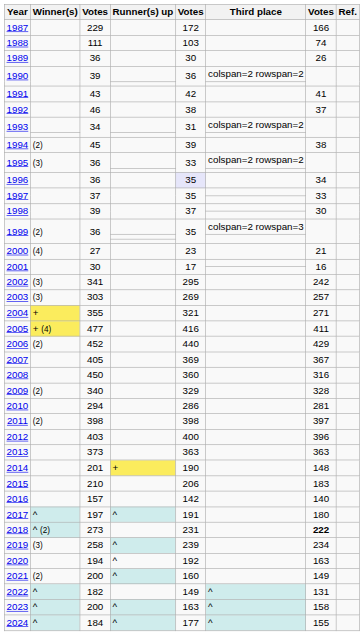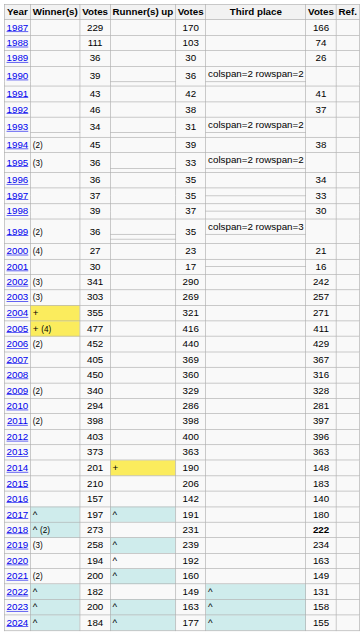 <table class="wikitable sortable" style="text-align:center;">
 <tr>
 <th>Year</th>
 <th>Winner(s)</th>
 <th>Votes</th>
 <th>Runner(s) up</th>
 <th>Votes</th>
 <th>Third place</th>
 <th>Votes</th>
 <th class=unsortable>Ref.</th>
 </tr>
 <tr>
 <td><a href='#'>1987</a></td>
 <td align=left></td>
 <td>229</td>
 <td align=left></td>
-<td>172</td>
+<td>170</td>
 <td align=left></td>
 <td>166</td>
 <td></td>
 </tr>
 <tr>
 <td><a href='#'>1988</a></td>
 <td align=left></td>
 <td>111</td>
 <td align=left></td>
 <td>103</td>
 <td align=left></td>
 <td>74</td>
 <td></td>
 </tr>
 <tr>
 <td><a href='#'>1989</a></td>
 <td align=left></td>
 <td>36</td>
 <td align=left></td>
 <td>30</td>
 <td align=left></td>
 <td>26</td>
 <td></td>
 </tr>
 <tr>
 <td rowspan=2><a href='#'>1990</a></td>
 <td rowspan=2 align=left></td>
 <td rowspan=2>39</td>
 <td align=left></td>
 <td rowspan=2>36</td>
 <td>colspan=2 rowspan=2 </td>
 <td rowspan=2></td>
 </tr>
 <tr>
 <td align=left></td>
 </tr>
 <tr>
 <td><a href='#'>1991</a></td>
 <td align=left></td>
 <td>43</td>
 <td align=left></td>
 <td>42</td>
 <td align=left></td>
 <td>41</td>
 <td></td>
 </tr>
 <tr>
 <td><a href='#'>1992</a></td>
 <td align=left></td>
 <td>46</td>
 <td align=left></td>
 <td>38</td>
 <td align=left></td>
 <td>37</td>
 <td></td>
 </tr>
 <tr>
 <td rowspan=2><a href='#'>1993</a></td>
 <td align=left></td>
 <td rowspan=2>34</td>
 <td align=left></td>
 <td rowspan=2>31</td>
 <td>colspan=2 rowspan=2 </td>
 <td rowspan=2></td>
 </tr>
 <tr>
 <td align=left></td>
 <td align=left></td>
 </tr>
 <tr>
 <td><a href='#'>1994</a></td>
 <td align=left> <small>(2)</small></td>
 <td>45</td>
 <td align=left></td>
 <td>39</td>
 <td align=left></td>
 <td>38</td>
 <td></td>
 </tr>
 <tr>
 <td rowspan=2><a href='#'>1995</a></td>
 <td rowspan=2 align=left> <small>(3)</small></td>
 <td rowspan=2>36</td>
 <td align=left></td>
 <td rowspan=2>33</td>
 <td>colspan=2 rowspan=2 </td>
 <td rowspan=2></td>
 </tr>
 <tr>
 <td align=left></td>
 </tr>
 <tr>
 <td><a href='#'>1996</a></td>
 <td align=left></td>
 <td>36</td>
 <td align=left></td>
-<td style="background: lavender;">35</td>
+<td>35</td>
 <td align=left></td>
 <td>34</td>
 <td></td>
 </tr>
 <tr>
 <td rowspan=2><a href='#'>1997</a></td>
 <td rowspan=2 align=left></td>
 <td rowspan=2>37</td>
 <td rowspan=2 align=left></td>
 <td rowspan=2>35</td>
 <td align=left></td>
 <td rowspan=2>33</td>
 <td rowspan=2></td>
 </tr>
 <tr>
 <td align=left></td>
 </tr>
 <tr>
 <td rowspan=2><a href='#'>1998</a></td>
 <td rowspan=2 align=left></td>
 <td rowspan=2>39</td>
 <td rowspan=2 align=left></td>
 <td rowspan=2>37</td>
 <td align=left></td>
 <td rowspan=2>30</td>
 <td rowspan=2></td>
 </tr>
 <tr>
 <td align=left></td>
 </tr>
 <tr>
 <td rowspan=3><a href='#'>1999</a></td>
 <td rowspan=3 align=left> <small>(2)</small></td>
 <td rowspan=3>36</td>
 <td align=left></td>
 <td rowspan=3>35</td>
 <td>colspan=2 rowspan=3 </td>
 <td rowspan=3></td>
 </tr>
 <tr>
 <td align=left></td>
 </tr>
 <tr>
 <td align=left></td>
 </tr>
 <tr>
 <td><a href='#'>2000</a></td>
 <td align=left> <small>(4)</small></td>
 <td>27</td>
 <td align=left></td>
 <td>23</td>
 <td align=left></td>
 <td>21</td>
 <td></td>
 </tr>
 <tr>
 <td rowspan=2><a href='#'>2001</a></td>
 <td rowspan=2 align=left></td>
 <td rowspan=2>30</td>
 <td rowspan=2 align=left></td>
 <td rowspan=2>17</td>
 <td align=left></td>
 <td rowspan=2>16</td>
 <td rowspan=2></td>
 </tr>
 <tr>
 <td align=left></td>
 </tr>
 <tr>
 <td><a href='#'>2002</a></td>
 <td align=left> <small>(3)</small></td>
 <td>341</td>
 <td align=left></td>
-<td>295</td>
+<td>290</td>
 <td align=left></td>
 <td>242</td>
 <td></td>
 </tr>
 <tr>
 <td><a href='#'>2003</a></td>
 <td align=left> <small>(3)</small></td>
 <td>303</td>
 <td align=left></td>
 <td>269</td>
 <td align=left></td>
 <td>257</td>
 <td></td>
 </tr>
 <tr>
 <td><a href='#'>2004</a></td>
 <td style="text-align:left; background:#fbec5d;">+</td>
 <td>355</td>
 <td align=left></td>
 <td>321</td>
 <td align=left></td>
 <td>271</td>
 <td></td>
 </tr>
 <tr>
 <td><a href='#'>2005</a></td>
 <td style="text-align:left; background:#fbec5d;">+ <small>(4)</small></td>
 <td>477</td>
 <td align=left></td>
 <td>416</td>
 <td align=left></td>
 <td>411</td>
 <td></td>
 </tr>
 <tr>
 <td><a href='#'>2006</a></td>
 <td align=left> <small>(2)</small></td>
 <td>452</td>
 <td align=left></td>
 <td>440</td>
 <td align=left></td>
 <td>429</td>
 <td></td>
 </tr>
 <tr>
 <td><a href='#'>2007</a></td>
 <td align=left></td>
 <td>405</td>
 <td align=left></td>
 <td>369</td>
 <td align=left></td>
 <td>367</td>
 <td></td>
 </tr>
 <tr>
 <td><a href='#'>2008</a></td>
 <td align=left></td>
 <td>450</td>
 <td align=left></td>
 <td>360</td>
 <td align=left></td>
 <td>316</td>
 <td></td>
 </tr>
 <tr>
 <td><a href='#'>2009</a></td>
 <td align=left> <small>(2)</small></td>
 <td>340</td>
 <td align=left></td>
 <td>329</td>
 <td align=left></td>
 <td>328</td>
 <td></td>
 </tr>
 <tr>
 <td><a href='#'>2010</a></td>
 <td align=left></td>
 <td>294</td>
 <td align=left></td>
 <td>286</td>
 <td align=left></td>
 <td>281</td>
 <td></td>
 </tr>
 <tr>
 <td><a href='#'>2011</a></td>
 <td align=left> <small>(2)</small></td>
 <td>398</td>
 <td align=left></td>
 <td>398</td>
 <td align=left></td>
 <td>397</td>
 <td></td>
 </tr>
 <tr>
 <td><a href='#'>2012</a></td>
 <td align=left></td>
 <td>403</td>
 <td align=left></td>
 <td>400</td>
 <td align=left></td>
 <td>396</td>
 <td></td>
 </tr>
 <tr>
 <td><a href='#'>2013</a></td>
 <td align=left></td>
 <td>373</td>
 <td align=left></td>
 <td>363</td>
 <td align=left></td>
 <td>363</td>
 <td></td>
 </tr>
 <tr>
 <td><a href='#'>2014</a></td>
 <td align=left></td>
 <td>201</td>
 <td style="text-align:left; background:#fbec5d;">+</td>
 <td>190</td>
 <td align=left></td>
 <td>148</td>
 <td></td>
 </tr>
 <tr>
 <td><a href='#'>2015</a></td>
 <td align=left></td>
 <td>210</td>
 <td align=left></td>
 <td>206</td>
 <td align=left></td>
 <td>183</td>
 <td></td>
 </tr>
 <tr>
 <td><a href='#'>2016</a></td>
 <td align=left></td>
 <td>157</td>
 <td align=left></td>
 <td>142</td>
 <td align=left></td>
 <td>140</td>
 <td></td>
 </tr>
 <tr>
 <td><a href='#'>2017</a></td>
 <td style="background:#cfecec;" align=left>^</td>
 <td>197</td>
 <td style="background:#cfecec;" align=left>^</td>
 <td>191</td>
 <td align=left></td>
 <td>180</td>
 <td></td>
 </tr>
 <tr>
 <td><a href='#'>2018</a></td>
 <td style="background:#cfecec;" align=left>^ <small>(2)</small></td>
 <td>273</td>
 <td align=left></td>
 <td>231</td>
 <td align=left></td>
 <td><strong>222</strong></td>
 <td></td>
 </tr>
 <tr>
 <td><a href='#'>2019</a></td>
 <td align=left> <small>(3)</small></td>
 <td>258</td>
 <td style="background:#cfecec;" align=left>^</td>
 <td>239</td>
 <td align=left></td>
 <td>234</td>
 <td></td>
 </tr>
 <tr>
 <td><a href='#'>2020</a></td>
 <td align=left></td>
 <td>194</td>
 <td align=left>^</td>
 <td>192</td>
 <td align=left></td>
 <td>163</td>
 <td></td>
 </tr>
 <tr>
 <td><a href='#'>2021</a></td>
 <td align=left> <small>(2)</small></td>
 <td>200</td>
 <td style="background:#cfecec;" align="left">^</td>
 <td>160</td>
 <td align="left"></td>
 <td>149</td>
 <td></td>
 </tr>
 <tr>
 <td><a href='#'>2022</a></td>
 <td style="background:#cfecec;" align=left>^</td>
 <td>182</td>
 <td align="left"></td>
 <td>149</td>
 <td style="background:#cfecec;" align="left">^</td>
 <td 149>131</td>
 <td></td>
 </tr>
 <tr>
 <td><a href='#'>2023</a></td>
 <td style="background:#cfecec;" align=left>^</td>
 <td>200</td>
 <td style="background:#cfecec;" align="left">^</td>
 <td>163</td>
 <td style="background:#cfecec;" align="left">^</td>
 <td>158</td>
 <td></td>
 </tr>
 <tr>
 <td><a href='#'>2024</a></td>
 <td style="background:#cfecec;" align=left>^</td>
 <td>184</td>
 <td style="background:#cfecec;" align="left">^</td>
 <td>177</td>
 <td style="background:#cfecec;" align="left">^</td>
 <td>155</td>
 <td></td>
 </tr>
 </table>
